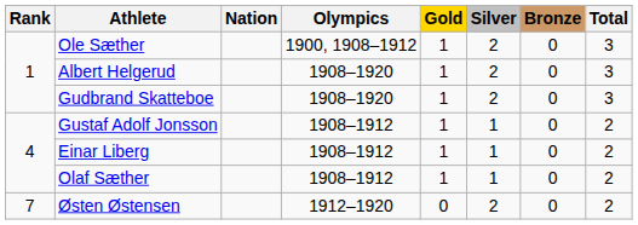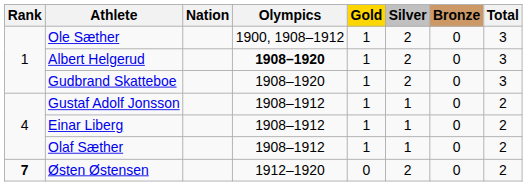 <table class="wikitable sortable" style="text-align:center">
 <tr>
 <th>Rank</th>
 <th>Athlete</th>
 <th>Nation</th>
 <th>Olympics</th>
 <th style="background-color:gold">Gold</th>
 <th style="background-color:silver">Silver</th>
 <th style="background-color:#cc9966">Bronze</th>
 <th>Total</th>
 </tr>
 <tr>
 <td rowspan=3>1</td>
 <td align=left data-sort-value="Sæther, Ole"><a href='#'>Ole Sæther</a></td>
 <td align=left></td>
 <td>1900, 1908–1912</td>
 <td>1</td>
 <td>2</td>
 <td>0</td>
 <td>3</td>
 </tr>
 <tr>
 <td align=left data-sort-value="Helgerud, Albert"><a href='#'>Albert Helgerud</a></td>
 <td align=left></td>
-<td>1908–1920</td>
+<td><strong>1908–1920</strong></td>
 <td>1</td>
 <td>2</td>
 <td>0</td>
 <td>3</td>
 </tr>
 <tr>
 <td align=left data-sort-value="Skatteboe, Gudbrand"><a href='#'>Gudbrand Skatteboe</a></td>
 <td align=left></td>
 <td>1908–1920</td>
 <td>1</td>
 <td>2</td>
 <td>0</td>
 <td>3</td>
 </tr>
 <tr>
 <td rowspan=3>4</td>
 <td align=left data-sort-value="Jonsson, Gustaf Adolf"><a href='#'>Gustaf Adolf Jonsson</a></td>
 <td align=left></td>
 <td>1908–1912</td>
 <td>1</td>
 <td>1</td>
 <td>0</td>
 <td>2</td>
 </tr>
 <tr>
 <td align=left data-sort-value="Liberg, Einar"><a href='#'>Einar Liberg</a></td>
 <td align=left></td>
 <td>1908–1912</td>
 <td>1</td>
 <td>1</td>
 <td>0</td>
 <td>2</td>
 </tr>
 <tr>
 <td align=left data-sort-value="Sæther, Olaf"><a href='#'>Olaf Sæther</a></td>
 <td align=left></td>
 <td>1908–1912</td>
 <td>1</td>
 <td>1</td>
 <td>0</td>
 <td>2</td>
 </tr>
 <tr>
-<td>7</td>
+<td><strong>7</strong></td>
 <td align=left data-sort-value="Østensen, Østen"><a href='#'>Østen Østensen</a></td>
 <td align=left></td>
 <td>1912–1920</td>
 <td>0</td>
 <td>2</td>
 <td>0</td>
 <td>2</td>
 </tr>
 </table>
